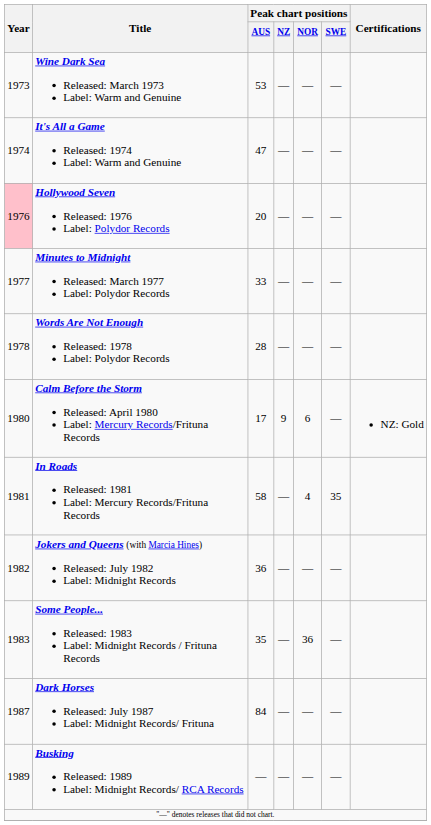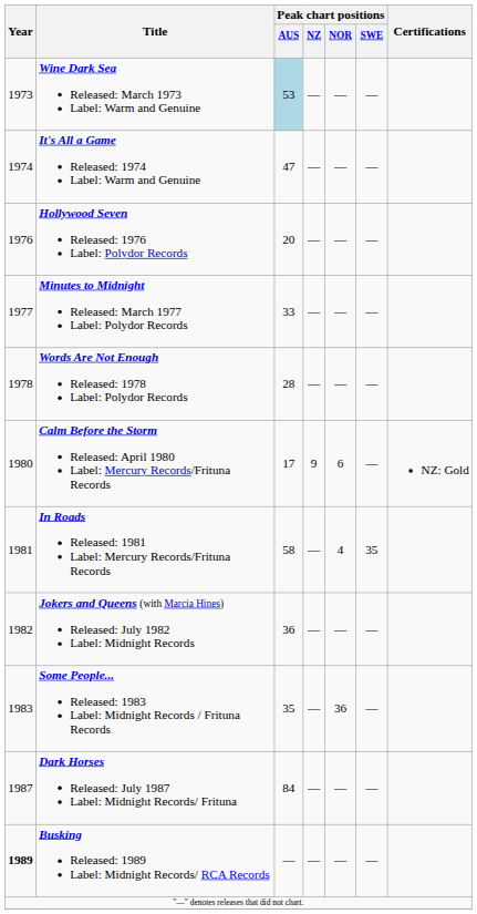 <table class="wikitable">
 <tr>
 <th rowspan="2" width="33">Year</th>
 <th rowspan="2" width="300">Title</th>
 <th colspan="4">Peak chart positions</th>
 <th rowspan="2">Certifications</th>
 </tr>
 <tr>
 <th scope="col" style="text-align:center;"><small><a href='#'>AUS</a><br><br></small></th>
 <th scope="col" style="text-align:center;"><small><a href='#'>NZ</a><br><br></small></th>
 <th scope="col" style="text-align:center;"><small><a href='#'>NOR</a><br><br></small></th>
 <th scope="col" style="text-align:center;"><small><a href='#'>SWE</a><br><br></small></th>
 </tr>
 <tr>
 <td align="center">1973</td>
 <td><strong><em><a href='#'>Wine Dark Sea</a></em></strong><br><ul><li>Released: March 1973</li><li>Label: Warm and Genuine</li></ul></td>
-<td align="center">53</td>
+<td align="center" style="background: lightblue;">53</td>
 <td align="center">—</td>
 <td align="center">—</td>
 <td align="center">—</td>
 <td></td>
 </tr>
 <tr>
 <td align="center">1974</td>
 <td><strong><em><a href='#'>It's All a Game</a></em></strong><br><ul><li>Released: 1974</li><li>Label: Warm and Genuine</li></ul></td>
 <td align="center">47</td>
 <td align="center">—</td>
 <td align="center">—</td>
 <td align="center">—</td>
 <td></td>
 </tr>
 <tr>
-<td align="center" style="background: pink;">1976</td>
+<td align="center">1976</td>
 <td><strong><em><a href='#'>Hollywood Seven</a></em></strong><br><ul><li>Released: 1976</li><li>Label: <a href='#'>Polydor Records</a></li></ul></td>
 <td align="center">20</td>
 <td align="center">—</td>
 <td align="center">—</td>
 <td align="center">—</td>
 <td></td>
 </tr>
 <tr>
 <td align="center">1977</td>
 <td><strong><em><a href='#'>Minutes to Midnight</a></em></strong><br><ul><li>Released: March 1977</li><li>Label: Polydor Records</li></ul></td>
 <td align="center">33</td>
 <td align="center">—</td>
 <td align="center">—</td>
 <td align="center">—</td>
 <td></td>
 </tr>
 <tr>
 <td align="center">1978</td>
 <td><strong><em><a href='#'>Words Are Not Enough</a></em></strong><br><ul><li>Released: 1978</li><li>Label: Polydor Records</li></ul></td>
 <td align="center">28</td>
 <td align="center">—</td>
 <td align="center">—</td>
 <td align="center">—</td>
 <td></td>
 </tr>
 <tr>
 <td align="center">1980</td>
 <td><strong><em><a href='#'>Calm Before the Storm</a></em></strong><br><ul><li>Released: April 1980</li><li>Label: <a href='#'>Mercury Records</a>/Frituna Records</li></ul></td>
 <td align="center">17</td>
 <td align="center">9</td>
 <td align="center">6</td>
 <td align="center">—</td>
 <td><br><ul><li>NZ: Gold </li></ul></td>
 </tr>
 <tr>
 <td align="center">1981</td>
 <td><strong><em><a href='#'>In Roads</a></em></strong><br><ul><li>Released: 1981</li><li>Label: Mercury Records/Frituna Records</li></ul></td>
 <td align="center">58</td>
 <td align="center">—</td>
 <td align="center">4</td>
 <td align="center">35</td>
 <td></td>
 </tr>
 <tr>
 <td align="center">1982</td>
 <td><strong><em><a href='#'>Jokers and Queens</a></em></strong> <small>(with <a href='#'>Marcia Hines</a>)</small><br><ul><li>Released: July 1982</li><li>Label: Midnight Records</li></ul></td>
 <td align="center">36</td>
 <td align="center">—</td>
 <td align="center">—</td>
 <td align="center">—</td>
 <td></td>
 </tr>
 <tr>
 <td align="center">1983</td>
 <td><strong><em><a href='#'>Some People...</a></em></strong><br><ul><li>Released: 1983</li><li>Label: Midnight Records / Frituna Records</li></ul></td>
 <td align="center">35</td>
 <td align="center">—</td>
 <td align="center">36</td>
 <td align="center">—</td>
 <td></td>
 </tr>
 <tr>
 <td align="center">1987</td>
 <td><strong><em><a href='#'>Dark Horses</a></em></strong><br><ul><li>Released: July 1987</li><li>Label: Midnight Records/ Frituna</li></ul></td>
 <td align="center">84</td>
 <td align="center">—</td>
 <td align="center">—</td>
 <td align="center">—</td>
 <td></td>
 </tr>
 <tr>
-<td align="center">1989</td>
+<td align="center"><strong>1989</strong></td>
 <td><strong><em><a href='#'>Busking</a></em></strong><br><ul><li>Released: 1989</li><li>Label: Midnight Records/ <a href='#'>RCA Records</a></li></ul></td>
 <td align="center">—</td>
 <td align="center">—</td>
 <td align="center">—</td>
 <td align="center">—</td>
 <td></td>
 </tr>
 <tr>
 <td align="center" colspan="7" style="font-size: 8pt">"—" denotes releases that did not chart.</td>
 </tr>
 <tr>
 </tr>
 </table>
